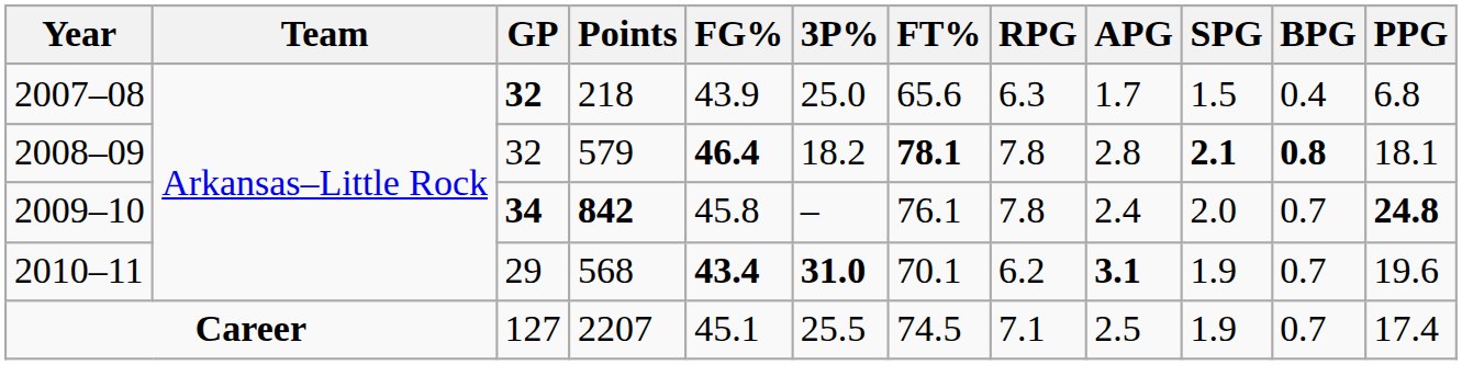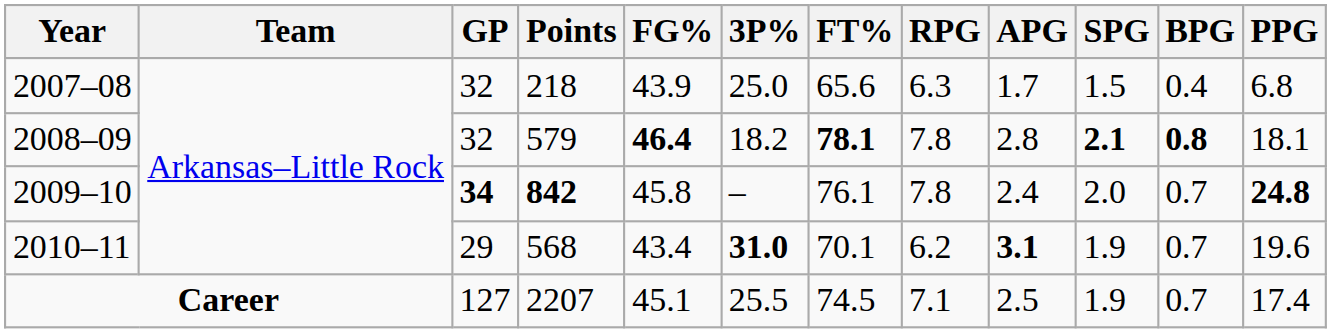 <table class="wikitable sortable">
 <tr>
 <th>Year</th>
 <th>Team</th>
 <th>GP</th>
 <th>Points</th>
 <th>FG%</th>
 <th>3P%</th>
 <th>FT%</th>
 <th>RPG</th>
 <th>APG</th>
 <th>SPG</th>
 <th>BPG</th>
 <th>PPG</th>
 </tr>
 <tr>
 <td>2007–08</td>
 <td rowspan=4><a href='#'>Arkansas–Little Rock</a></td>
-<td><strong>32</strong></td>
+<td>32</td>
 <td>218</td>
 <td>43.9</td>
 <td>25.0</td>
 <td>65.6</td>
 <td>6.3</td>
 <td>1.7</td>
 <td>1.5</td>
 <td>0.4</td>
 <td>6.8</td>
 </tr>
 <tr>
 <td>2008–09</td>
 <td>32</td>
 <td>579</td>
 <td><strong>46.4</strong></td>
 <td>18.2</td>
 <td><strong>78.1</strong></td>
 <td>7.8</td>
 <td>2.8</td>
 <td><strong>2.1</strong></td>
 <td><strong>0.8</strong></td>
 <td>18.1</td>
 </tr>
 <tr>
 <td>2009–10</td>
 <td><strong>34</strong></td>
 <td><strong>842</strong></td>
 <td>45.8</td>
 <td>–</td>
 <td>76.1</td>
 <td>7.8</td>
 <td>2.4</td>
 <td>2.0</td>
 <td>0.7</td>
 <td><strong>24.8</strong></td>
 </tr>
 <tr>
 <td>2010–11</td>
 <td>29</td>
 <td>568</td>
-<td><strong>43.4</strong></td>
+<td>43.4</td>
 <td><strong>31.0</strong></td>
 <td>70.1</td>
 <td>6.2</td>
 <td><strong>3.1</strong></td>
 <td>1.9</td>
 <td>0.7</td>
 <td>19.6</td>
 </tr>
 <tr class="sortbottom">
 <td colspan=2 align=center><strong>Career</strong></td>
 <td>127</td>
 <td>2207</td>
 <td>45.1</td>
 <td>25.5</td>
 <td>74.5</td>
 <td>7.1</td>
 <td>2.5</td>
 <td>1.9</td>
 <td>0.7</td>
 <td>17.4</td>
 </tr>
 </table>
